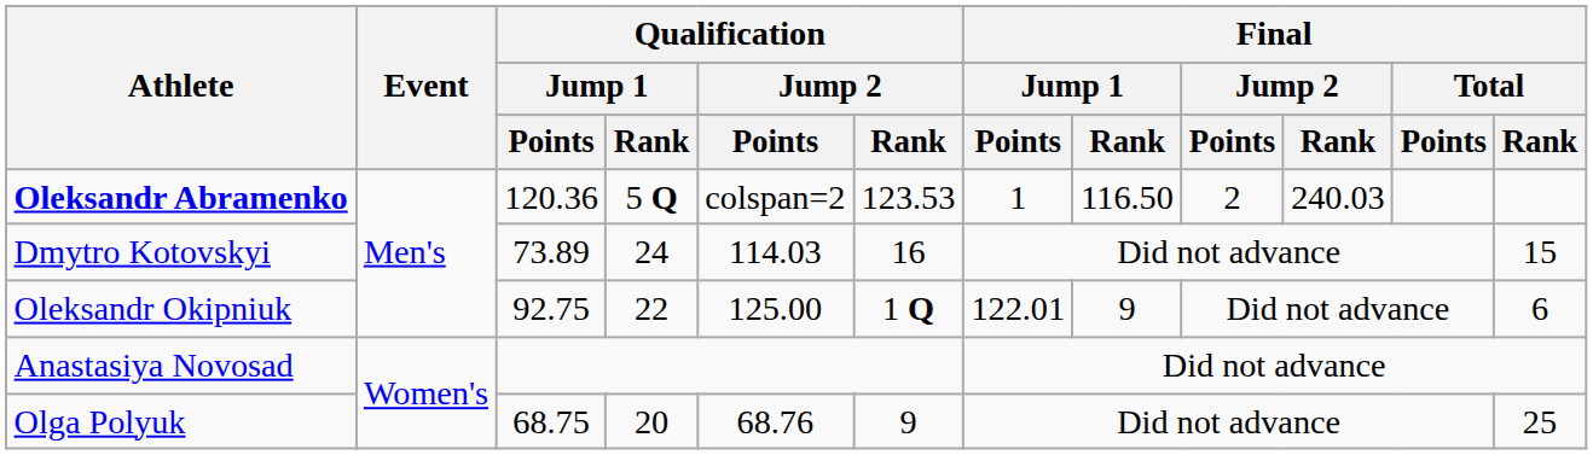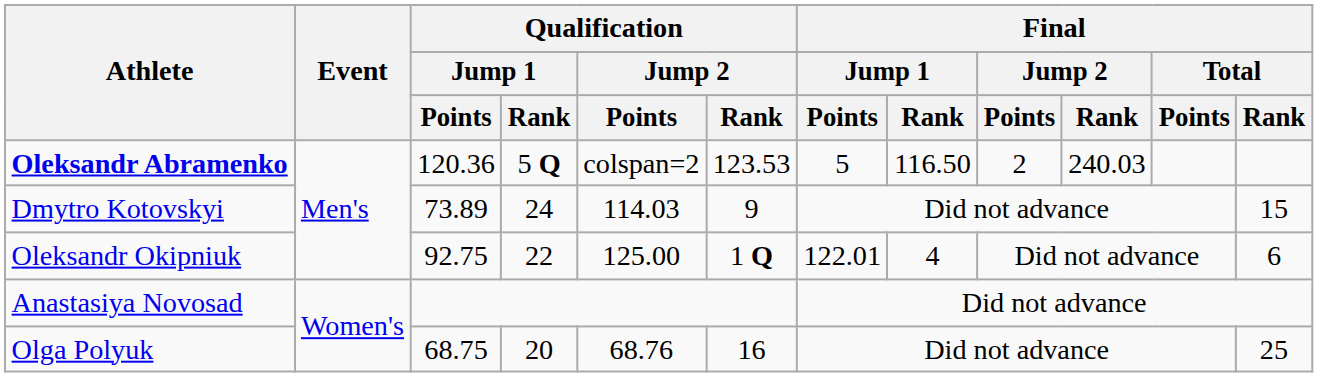 <table class=wikitable style=font-size:90%;text-align:center>
 <tr>
 <th rowspan=3>Athlete</th>
 <th rowspan=3>Event</th>
 <th colspan=4>Qualification</th>
 <th colspan=8>Final</th>
 </tr>
 <tr style=font-size:95%>
 <th colspan=2>Jump 1</th>
 <th colspan=2>Jump 2</th>
 <th colspan=2>Jump 1</th>
 <th colspan=2>Jump 2</th>
 <th colspan=2>Total</th>
 </tr>
 <tr style=font-size:95%>
 <th>Points</th>
 <th>Rank</th>
 <th>Points</th>
 <th>Rank</th>
 <th>Points</th>
 <th>Rank</th>
 <th>Points</th>
 <th>Rank</th>
 <th>Points</th>
 <th>Rank</th>
 </tr>
 <tr>
 <td align=left><strong><a href='#'>Oleksandr Abramenko</a></strong></td>
 <td align=left rowspan=3><a href='#'>Men's</a></td>
 <td>120.36</td>
 <td>5 <strong>Q</strong></td>
 <td>colspan=2 </td>
 <td>123.53</td>
-<td>1</td>
+<td>5</td>
 <td>116.50</td>
 <td>2</td>
 <td>240.03</td>
 <td></td>
 </tr>
 <tr>
 <td align=left><a href='#'>Dmytro Kotovskyi</a></td>
 <td>73.89</td>
 <td>24</td>
 <td>114.03</td>
-<td>16</td>
+<td>9</td>
 <td colspan=5>Did not advance</td>
 <td>15</td>
 </tr>
 <tr>
 <td align=left><a href='#'>Oleksandr Okipniuk</a></td>
 <td>92.75</td>
 <td>22</td>
 <td>125.00</td>
 <td>1 <strong>Q</strong></td>
 <td>122.01</td>
-<td>9</td>
+<td>4</td>
 <td colspan=3>Did not advance</td>
 <td>6</td>
 </tr>
 <tr>
 <td align=left><a href='#'>Anastasiya Novosad</a></td>
 <td align=left rowspan=2><a href='#'>Women's</a></td>
 <td colspan=4></td>
 <td colspan=6>Did not advance</td>
 </tr>
 <tr>
 <td align=left><a href='#'>Olga Polyuk</a></td>
 <td>68.75</td>
 <td>20</td>
 <td>68.76</td>
-<td>9</td>
+<td>16</td>
 <td colspan=5>Did not advance</td>
 <td>25</td>
 </tr>
 </table>
